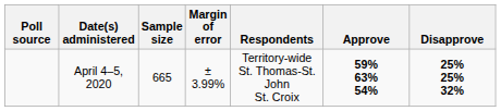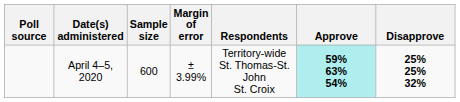 <table class="wikitable" style="font-size:90%">
 <tr valign=bottom>
 <th>Poll source</th>
 <th>Date(s)<br>administered</th>
 <th>Sample<br>size</th>
 <th>Margin<br>of error</th>
 <th>Respondents</th>
 <th style="width:100px;">Approve</th>
 <th style="width:100px;">Disapprove</th>
 </tr>
 <tr>
 <td></td>
 <td align=center>April 4–5, 2020</td>
-<td align=center>665</td>
+<td align=center>600</td>
 <td align=center>± 3.99%</td>
 <td align=center>Territory-wide <br> St. Thomas-St. John <br> St. Croix</td>
-<td align=center><strong>59%</strong><br> <strong>63%</strong><br><strong>54%</strong></td>
+<td align=center style="background: paleturquoise;"><strong>59%</strong><br> <strong>63%</strong><br><strong>54%</strong></td>
 <td align=center><strong>25% <br> 25% <br> 32%</strong></td>
 </tr>
 </table>
